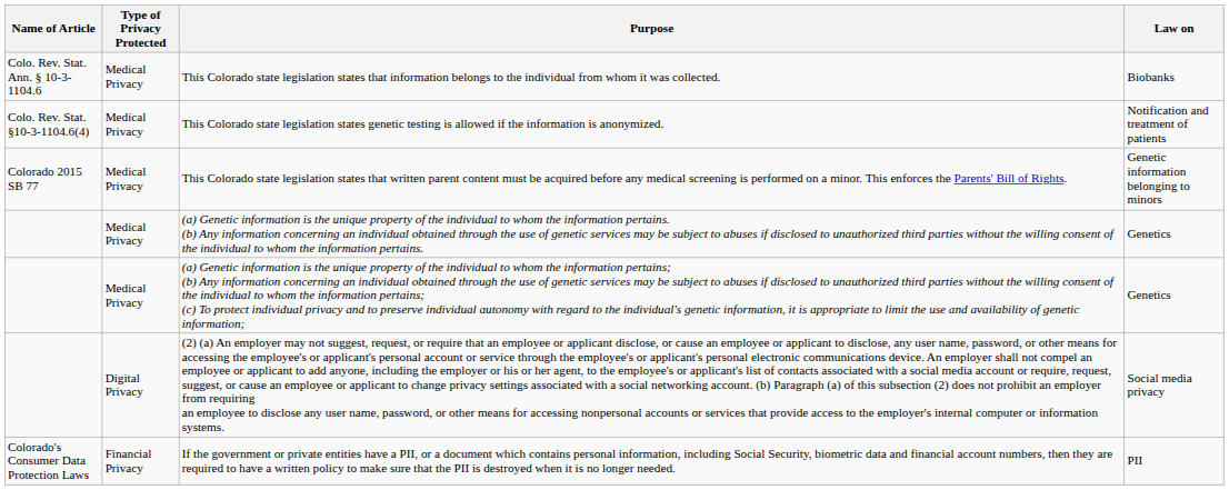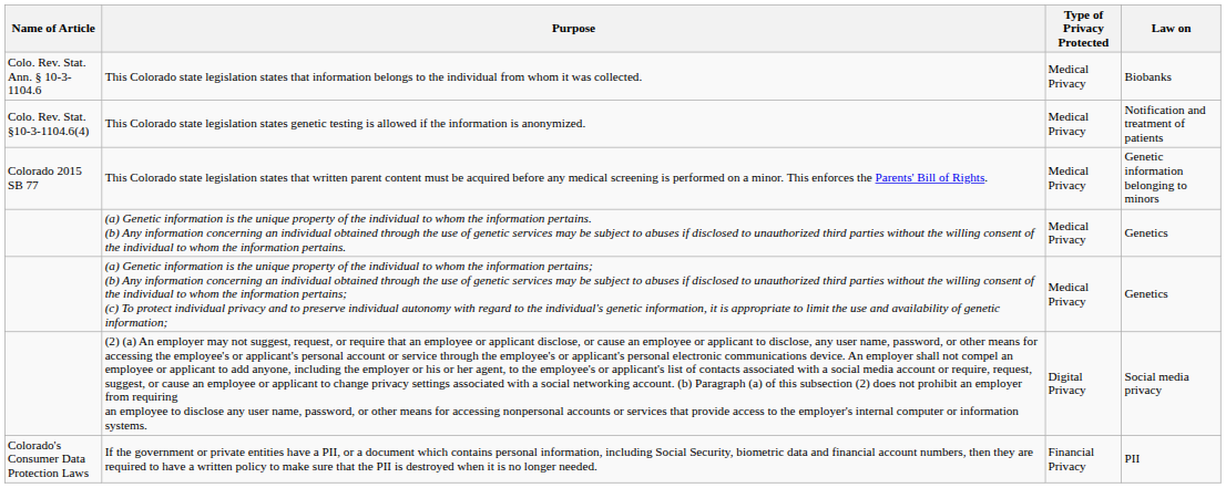 <table class="wikitable">
 <tr>
 <th>Name of Article</th>
+<th>Purpose</th>
 <th>Type of Privacy Protected</th>
-<th>Purpose</th>
 <th>Law on</th>
 </tr>
 <tr>
 <td>Colo. Rev. Stat. Ann. § 10-3-1104.6</td>
+<td>This Colorado state legislation states that information belongs to the individual from whom it was collected.</td>
 <td>Medical Privacy</td>
-<td>This Colorado state legislation states that information belongs to the individual from whom it was collected.</td>
 <td>Biobanks</td>
 </tr>
 <tr>
 <td>Colo. Rev. Stat. §10-3-1104.6(4)</td>
+<td>This Colorado state legislation states genetic testing is allowed if the information is anonymized.</td>
 <td>Medical Privacy</td>
-<td>This Colorado state legislation states genetic testing is allowed if the information is anonymized.</td>
 <td>Notification and treatment of patients</td>
 </tr>
 <tr>
 <td>Colorado 2015 SB 77</td>
+<td>This Colorado state legislation states that written parent content must be acquired before any medical screening is performed on a minor. This enforces the <a href='#'>Parents' Bill of Rights</a>.</td>
 <td>Medical Privacy</td>
-<td>This Colorado state legislation states that written parent content must be acquired before any medical screening is performed on a minor. This enforces the <a href='#'>Parents' Bill of Rights</a>.</td>
 <td>Genetic information belonging to minors</td>
 </tr>
 <tr>
 <td></td>
+<td><em>(a) Genetic information is the unique property of the individual to whom the information pertains.</em><br><em>(b) Any information concerning an individual obtained through the use of genetic services may be subject to abuses if disclosed to unauthorized third parties without the willing consent of the individual to whom the information pertains.</em></td>
 <td>Medical Privacy</td>
-<td><em>(a) Genetic information is the unique property of the individual to whom the information pertains.</em><br><em>(b) Any information concerning an individual obtained through the use of genetic services may be subject to abuses if disclosed to unauthorized third parties without the willing consent of the individual to whom the information pertains.</em></td>
 <td>Genetics</td>
 </tr>
 <tr>
 <td></td>
+<td><em>(a) Genetic information is the unique property of the individual to whom the information pertains;</em><br><em>(b) Any information concerning an individual obtained through the use of genetic services may be subject to abuses if disclosed to unauthorized third parties without the willing consent of the individual to whom the information pertains;</em><br><em>(c) To protect individual privacy and to preserve individual autonomy with regard to the individual's genetic information, it is appropriate to limit the use and availability of genetic information;</em></td>
 <td>Medical Privacy</td>
-<td><em>(a) Genetic information is the unique property of the individual to whom the information pertains;</em><br><em>(b) Any information concerning an individual obtained through the use of genetic services may be subject to abuses if disclosed to unauthorized third parties without the willing consent of the individual to whom the information pertains;</em><br><em>(c) To protect individual privacy and to preserve individual autonomy with regard to the individual's genetic information, it is appropriate to limit the use and availability of genetic information;</em></td>
 <td>Genetics</td>
 </tr>
 <tr>
 <td></td>
+<td>(2) (a) An employer may not suggest, request, or require that an employee or applicant disclose, or cause an employee or applicant to disclose, any user name, password, or other means for accessing the employee's or applicant's personal account or service through the employee's or applicant's personal electronic communications device. An employer shall not compel an employee or applicant to add anyone, including the employer or his or her agent, to the employee's or applicant's list of contacts associated with a social media account or require, request, suggest, or cause an employee or applicant to change privacy settings associated with a social networking account. (b) Paragraph (a) of this subsection (2) does not prohibit an employer from requiring<br>an employee to disclose any user name, password, or other means for accessing nonpersonal accounts or services that provide access to the employer's internal computer or information systems.</td>
 <td>Digital Privacy</td>
-<td>(2) (a) An employer may not suggest, request, or require that an employee or applicant disclose, or cause an employee or applicant to disclose, any user name, password, or other means for accessing the employee's or applicant's personal account or service through the employee's or applicant's personal electronic communications device. An employer shall not compel an employee or applicant to add anyone, including the employer or his or her agent, to the employee's or applicant's list of contacts associated with a social media account or require, request, suggest, or cause an employee or applicant to change privacy settings associated with a social networking account. (b) Paragraph (a) of this subsection (2) does not prohibit an employer from requiring<br>an employee to disclose any user name, password, or other means for accessing nonpersonal accounts or services that provide access to the employer's internal computer or information systems.</td>
 <td>Social media privacy</td>
 </tr>
 <tr>
 <td>Colorado's Consumer Data Protection Laws</td>
+<td>If the government or private entities have a PII, or a document which contains personal information, including Social Security, biometric data and financial account numbers, then they are required to have a written policy to make sure that the PII is destroyed when it is no longer needed.</td>
 <td>Financial Privacy</td>
-<td>If the government or private entities have a PII, or a document which contains personal information, including Social Security, biometric data and financial account numbers, then they are required to have a written policy to make sure that the PII is destroyed when it is no longer needed.</td>
 <td>PII</td>
 </tr>
 </table>
